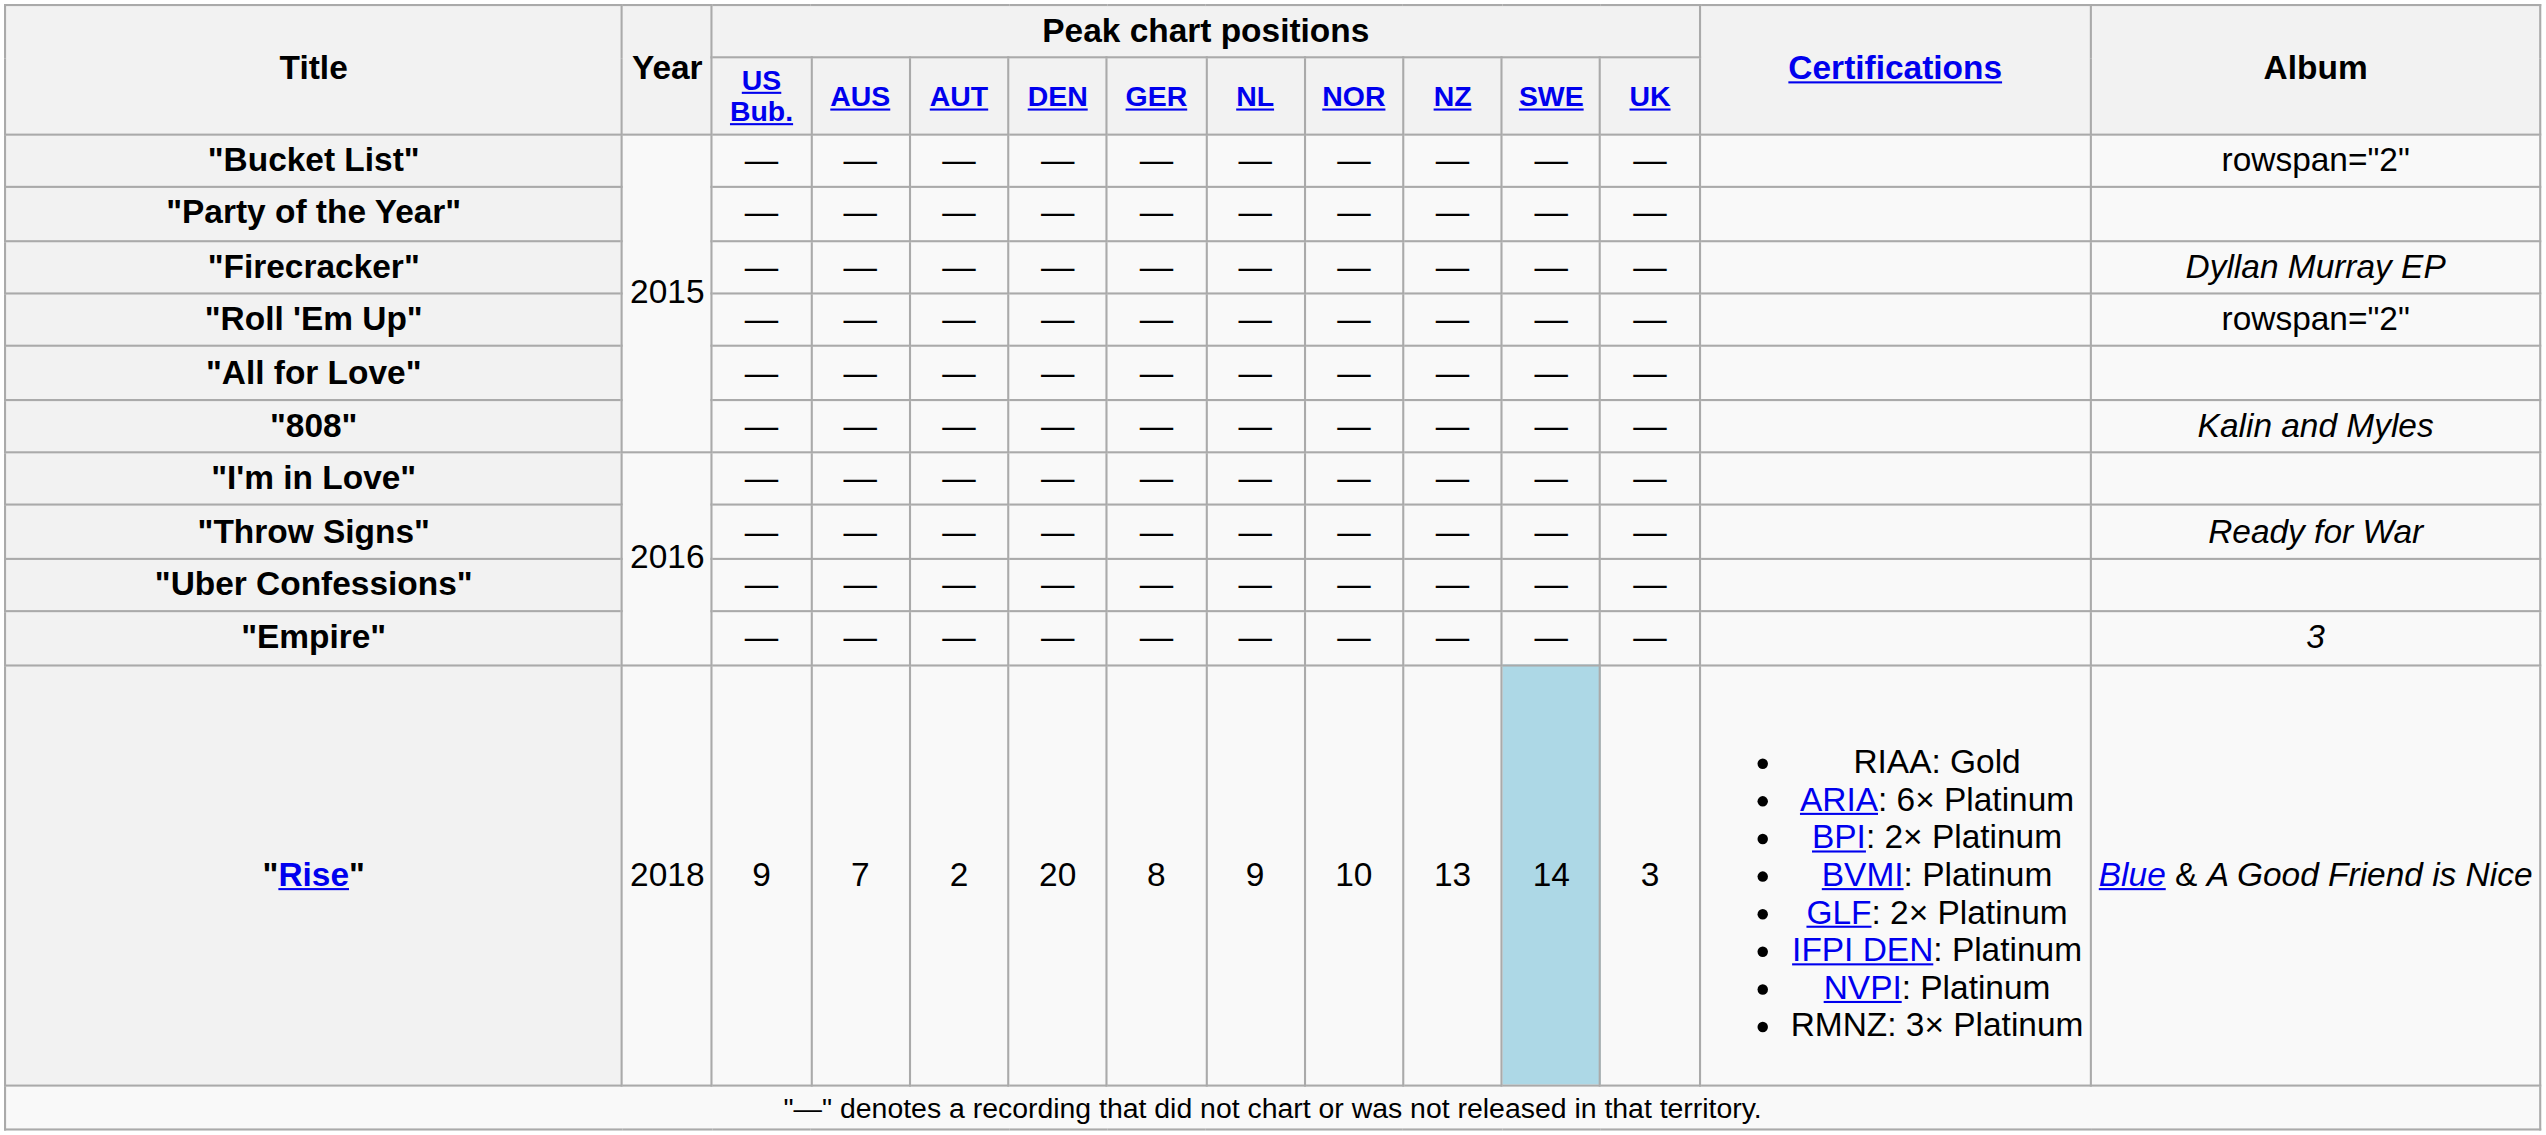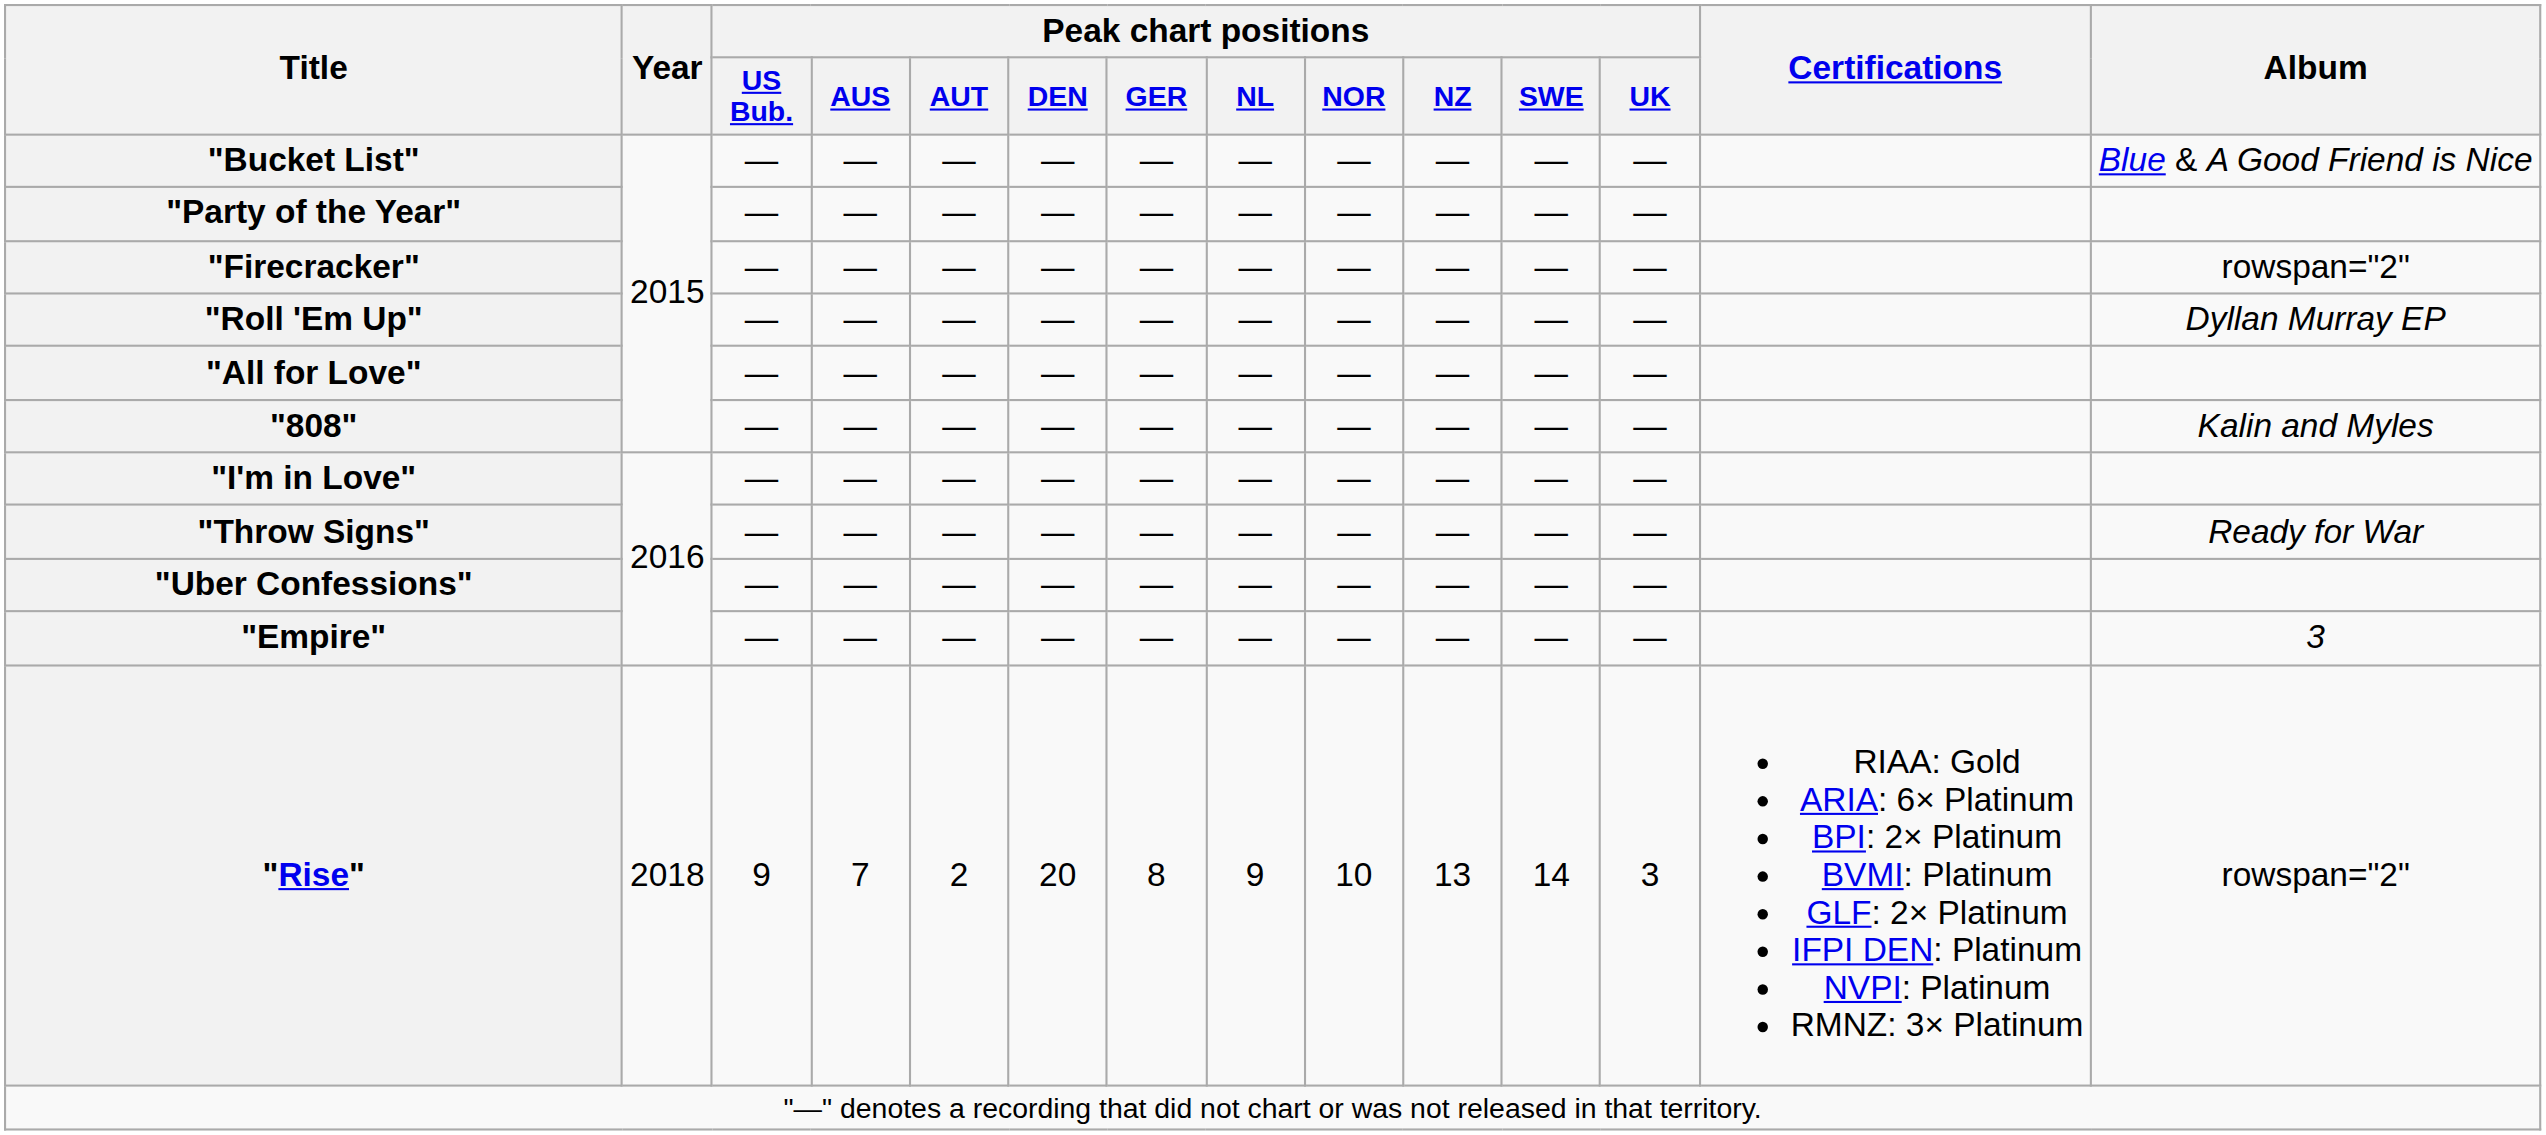 <table class="wikitable plainrowheaders" style="text-align:center;">
 <tr>
 <th scope="col" rowspan="2" style="width:18em;">Title</th>
 <th scope="col" rowspan="2" style="width:1em;">Year</th>
 <th scope="col" colspan="10">Peak chart positions</th>
 <th scope="col" rowspan="2"><a href='#'>Certifications</a></th>
 <th scope="col" rowspan="2">Album</th>
 </tr>
 <tr>
 <th scope="col" style="width:3em;font-size:85%;"><a href='#'>US<br>Bub.</a><br></th>
 <th scope="col" style="width:3em;font-size:85%;"><a href='#'>AUS</a><br></th>
 <th scope="col" style="width:3em;font-size:85%;"><a href='#'>AUT</a><br></th>
 <th scope="col" style="width:3em;font-size:85%;"><a href='#'>DEN</a><br></th>
 <th scope="col" style="width:3em;font-size:85%;"><a href='#'>GER</a><br></th>
 <th scope="col" style="width:3em;font-size:85%;"><a href='#'>NL</a><br></th>
 <th scope="col" style="width:3em;font-size:85%;"><a href='#'>NOR</a><br></th>
 <th scope="col" style="width:3em;font-size:85%;"><a href='#'>NZ</a><br></th>
 <th scope="col" style="width:3em;font-size:85%;"><a href='#'>SWE</a><br></th>
 <th scope="col" style="width:3em;font-size:85%;"><a href='#'>UK</a><br></th>
 </tr>
 <tr>
 <th scope="row">"Bucket List"<br></th>
 <td rowspan="6">2015</td>
 <td>—</td>
 <td>—</td>
 <td>—</td>
 <td>—</td>
 <td>—</td>
 <td>—</td>
 <td>—</td>
 <td>—</td>
 <td>—</td>
 <td>—</td>
 <td></td>
-<td>rowspan="2" </td>
+<td><em><a href='#'>Blue</a></em> & <em>A Good Friend is Nice</em></td>
 </tr>
 <tr>
 <th scope="row">"Party of the Year"<br></th>
 <td>—</td>
 <td>—</td>
 <td>—</td>
 <td>—</td>
 <td>—</td>
 <td>—</td>
 <td>—</td>
 <td>—</td>
 <td>—</td>
 <td>—</td>
 <td></td>
 </tr>
 <tr>
 <th scope="row">"Firecracker"<br></th>
 <td>—</td>
 <td>—</td>
 <td>—</td>
 <td>—</td>
 <td>—</td>
 <td>—</td>
 <td>—</td>
 <td>—</td>
 <td>—</td>
 <td>—</td>
 <td></td>
-<td><em>Dyllan Murray EP</em></td>
+<td>rowspan="2" </td>
 </tr>
 <tr>
 <th scope="row">"Roll 'Em Up"<br></th>
 <td>—</td>
 <td>—</td>
 <td>—</td>
 <td>—</td>
 <td>—</td>
 <td>—</td>
 <td>—</td>
 <td>—</td>
 <td>—</td>
 <td>—</td>
 <td></td>
-<td>rowspan="2" </td>
+<td><em>Dyllan Murray EP</em></td>
 </tr>
 <tr>
 <th scope="row">"All for Love"<br></th>
 <td>—</td>
 <td>—</td>
 <td>—</td>
 <td>—</td>
 <td>—</td>
 <td>—</td>
 <td>—</td>
 <td>—</td>
 <td>—</td>
 <td>—</td>
 <td></td>
 </tr>
 <tr>
 <th scope="row">"808"<br></th>
 <td>—</td>
 <td>—</td>
 <td>—</td>
 <td>—</td>
 <td>—</td>
 <td>—</td>
 <td>—</td>
 <td>—</td>
 <td>—</td>
 <td>—</td>
 <td></td>
 <td><em>Kalin and Myles</em></td>
 </tr>
 <tr>
 <th scope="row">"I'm in Love"<br></th>
 <td rowspan="4">2016</td>
 <td>—</td>
 <td>—</td>
 <td>—</td>
 <td>—</td>
 <td>—</td>
 <td>—</td>
 <td>—</td>
 <td>—</td>
 <td>—</td>
 <td>—</td>
 <td></td>
 <td></td>
 </tr>
 <tr>
 <th scope="row">"Throw Signs"<br></th>
 <td>—</td>
 <td>—</td>
 <td>—</td>
 <td>—</td>
 <td>—</td>
 <td>—</td>
 <td>—</td>
 <td>—</td>
 <td>—</td>
 <td>—</td>
 <td></td>
 <td><em>Ready for War</em></td>
 </tr>
 <tr>
 <th scope="row">"Uber Confessions"<br></th>
 <td>—</td>
 <td>—</td>
 <td>—</td>
 <td>—</td>
 <td>—</td>
 <td>—</td>
 <td>—</td>
 <td>—</td>
 <td>—</td>
 <td>—</td>
 <td></td>
 <td></td>
 </tr>
 <tr>
 <th scope="row">"Empire"<br></th>
 <td>—</td>
 <td>—</td>
 <td>—</td>
 <td>—</td>
 <td>—</td>
 <td>—</td>
 <td>—</td>
 <td>—</td>
 <td>—</td>
 <td>—</td>
 <td></td>
 <td><em>3</em></td>
 </tr>
 <tr>
 <th scope="row">"<a href='#'>Rise</a>"<br></th>
 <td>2018</td>
 <td>9</td>
 <td>7</td>
 <td>2</td>
 <td>20</td>
 <td>8</td>
 <td>9</td>
 <td>10</td>
 <td>13</td>
-<td style="background: lightblue;">14</td>
+<td>14</td>
 <td>3</td>
 <td><br><ul><li>RIAA: Gold</li><li><a href='#'>ARIA</a>: 6× Platinum</li><li><a href='#'>BPI</a>: 2× Platinum</li><li><a href='#'>BVMI</a>: Platinum</li><li><a href='#'>GLF</a>: 2× Platinum</li><li><a href='#'>IFPI DEN</a>: Platinum</li><li><a href='#'>NVPI</a>: Platinum</li><li>RMNZ: 3× Platinum</li></ul></td>
-<td><em><a href='#'>Blue</a></em> & <em>A Good Friend is Nice</em></td>
+<td>rowspan="2" </td>
 </tr>
 <tr>
 <td colspan="22" style="font-size:85%">"—" denotes a recording that did not chart or was not released in that territory.</td>
 </tr>
 </table>
